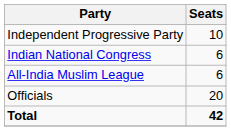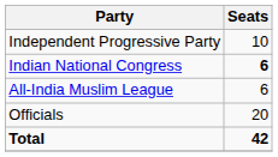 <table class=wikitable style=text-align:right>
 <tr>
 <th>Party</th>
 <th>Seats</th>
 </tr>
 <tr>
 <td align=left>Independent Progressive Party</td>
 <td>10</td>
 </tr>
 <tr>
 <td align=left><a href='#'>Indian National Congress</a></td>
-<td>6</td>
+<td><strong>6</strong></td>
 </tr>
 <tr>
 <td align=left><a href='#'>All-India Muslim League</a></td>
 <td>6</td>
 </tr>
 <tr>
 <td align=left>Officials</td>
 <td>20</td>
 </tr>
 <tr>
 <td align=left><strong>Total</strong></td>
 <td><strong>42</strong></td>
 </tr>
 <tr>
 </tr>
 </table>
